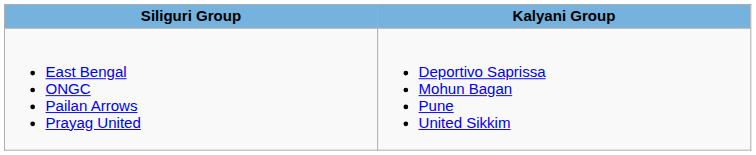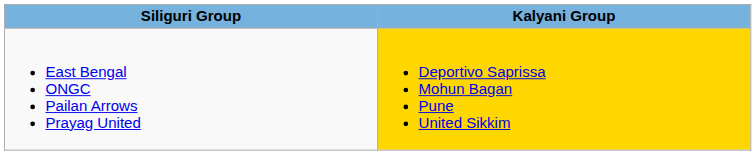 <table class="wikitable">
 <tr valign="top" bgcolor="#75B2DD">
 <td align="center" width="23%" colspan="1"><strong>Siliguri Group</strong></td>
 <td align="center" width="23%"><strong>Kalyani Group</strong></td>
 </tr>
 <tr valign="top">
 <td><br><ul><li> <a href='#'>East Bengal</a></li><li> <a href='#'>ONGC</a></li><li> <a href='#'>Pailan Arrows</a></li><li> <a href='#'>Prayag United</a></li></ul></td>
-<td><br><ul><li> <a href='#'>Deportivo Saprissa</a></li><li> <a href='#'>Mohun Bagan</a></li><li> <a href='#'>Pune</a></li><li> <a href='#'>United Sikkim</a></li></ul></td>
+<td style="background: gold;"><br><ul><li> <a href='#'>Deportivo Saprissa</a></li><li> <a href='#'>Mohun Bagan</a></li><li> <a href='#'>Pune</a></li><li> <a href='#'>United Sikkim</a></li></ul></td>
 </tr>
 </table>
